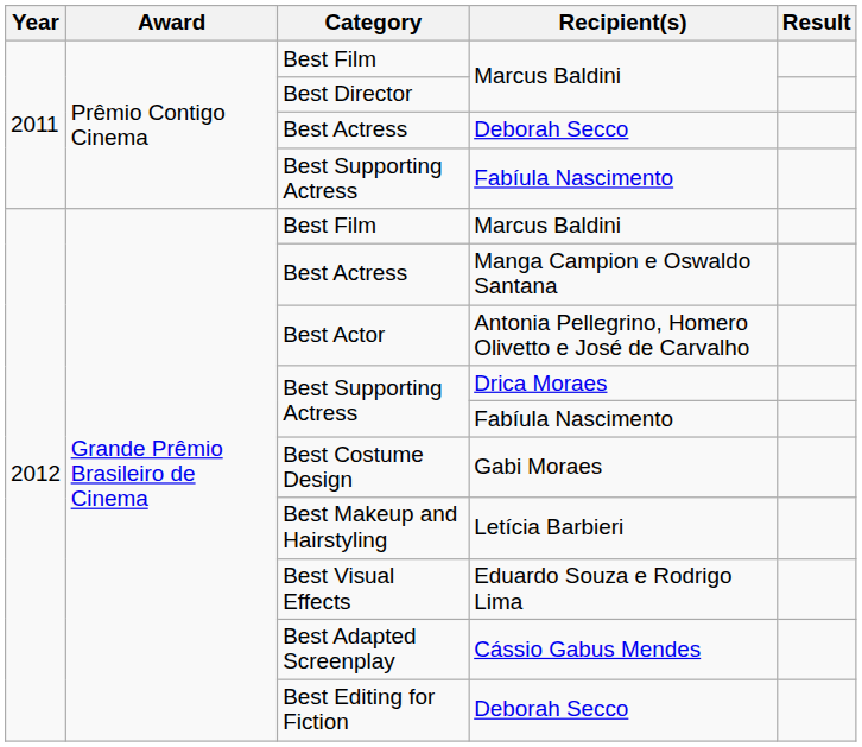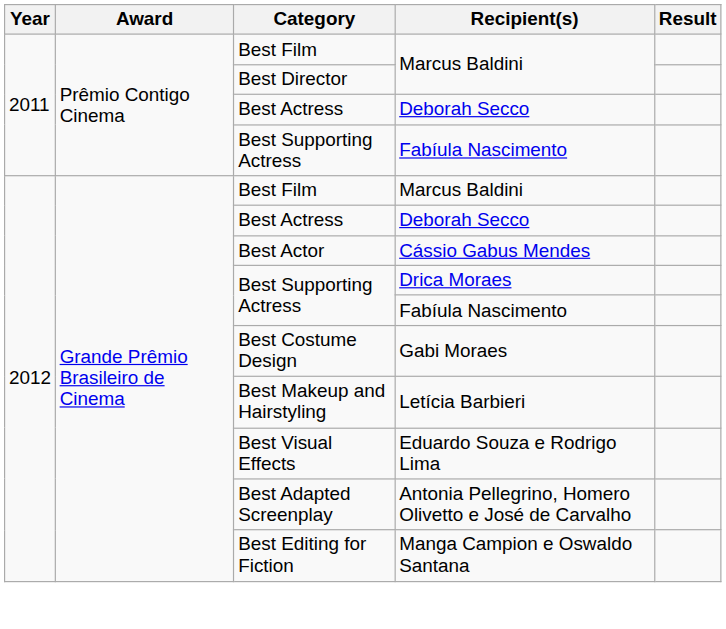 <table class="wikitable">
 <tr>
 <th>Year</th>
 <th>Award</th>
 <th>Category</th>
 <th>Recipient(s)</th>
 <th>Result</th>
 </tr>
 <tr>
 <td rowspan=4>2011</td>
 <td rowspan=4>Prêmio Contigo Cinema</td>
 <td>Best Film</td>
 <td rowspan=2>Marcus Baldini</td>
 <td></td>
 </tr>
 <tr>
 <td>Best Director</td>
 <td></td>
 </tr>
 <tr>
 <td>Best Actress</td>
 <td><a href='#'>Deborah Secco</a></td>
 <td></td>
 </tr>
 <tr>
 <td>Best Supporting Actress</td>
 <td><a href='#'>Fabíula Nascimento</a></td>
 <td></td>
 </tr>
 <tr>
 <td rowspan=10>2012</td>
 <td rowspan=10><a href='#'>Grande Prêmio Brasileiro de Cinema</a></td>
 <td>Best Film</td>
 <td>Marcus Baldini</td>
 <td></td>
 </tr>
 <tr>
 <td>Best Actress</td>
-<td>Manga Campion e Oswaldo Santana</td>
+<td><a href='#'>Deborah Secco</a></td>
 <td></td>
 </tr>
 <tr>
 <td>Best Actor</td>
-<td>Antonia Pellegrino, Homero Olivetto e José de Carvalho</td>
+<td><a href='#'>Cássio Gabus Mendes</a></td>
 <td></td>
 </tr>
 <tr>
 <td rowspan=2>Best Supporting Actress</td>
 <td><a href='#'>Drica Moraes</a></td>
 <td></td>
 </tr>
 <tr>
 <td>Fabíula Nascimento</td>
 <td></td>
 </tr>
 <tr>
 <td>Best Costume Design</td>
 <td>Gabi Moraes</td>
 <td></td>
 </tr>
 <tr>
 <td>Best Makeup and Hairstyling</td>
 <td>Letícia Barbieri</td>
 <td></td>
 </tr>
 <tr>
 <td>Best Visual Effects</td>
 <td>Eduardo Souza e Rodrigo Lima</td>
 <td></td>
 </tr>
 <tr>
 <td>Best Adapted Screenplay</td>
-<td><a href='#'>Cássio Gabus Mendes</a></td>
+<td>Antonia Pellegrino, Homero Olivetto e José de Carvalho</td>
 <td></td>
 </tr>
 <tr>
 <td>Best Editing for Fiction</td>
-<td><a href='#'>Deborah Secco</a></td>
+<td>Manga Campion e Oswaldo Santana</td>
 <td></td>
 </tr>
 </table>
